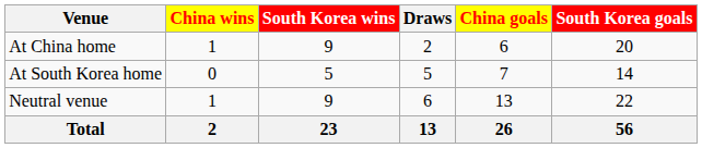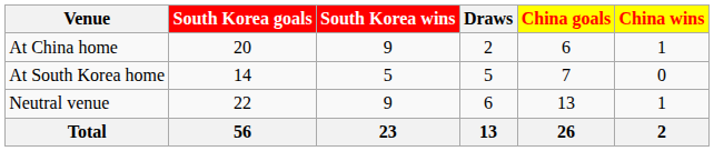 <table class="wikitable" style="text-align:center;">
 <tr>
 <th>Venue</th>
-<th style="color:#FF0000;background:#FFFF00">China wins</th>
+<th style="color:#FFFFFF;background:#FF0000">South Korea goals</th>
 <th style="color:#FFFFFF;background:#FF0000">South Korea wins</th>
 <th>Draws</th>
 <th style="color:#FF0000;background:#FFFF00">China goals</th>
-<th style="color:#FFFFFF;background:#FF0000">South Korea goals</th>
+<th style="color:#FF0000;background:#FFFF00">China wins</th>
 </tr>
 <tr>
 <td align="left">At China home</td>
-<td>1</td>
+<td>20</td>
 <td>9</td>
 <td>2</td>
 <td>6</td>
-<td>20</td>
+<td>1</td>
 </tr>
 <tr>
 <td align="left">At South Korea home</td>
-<td>0</td>
+<td>14</td>
 <td>5</td>
 <td>5</td>
 <td>7</td>
-<td>14</td>
+<td>0</td>
 </tr>
 <tr>
 <td align="left">Neutral venue</td>
-<td>1</td>
+<td>22</td>
 <td>9</td>
 <td>6</td>
 <td>13</td>
-<td>22</td>
+<td>1</td>
 </tr>
 <tr>
 <th>Total</th>
-<th>2</th>
+<th>56</th>
 <th>23</th>
 <th>13</th>
 <th>26</th>
-<th>56</th>
+<th>2</th>
 </tr>
 </table>
